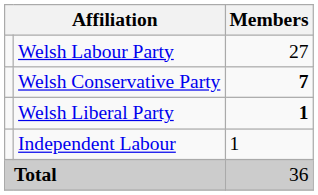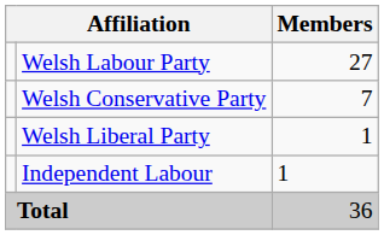 <table class="wikitable">
 <tr>
 <th colspan="2">Affiliation</th>
 <th>Members</th>
 </tr>
 <tr>
 <td style="color:inherit;background:"></td>
 <td><a href='#'>Welsh Labour Party</a></td>
 <td style="text-align:right;">27</td>
 </tr>
 <tr>
 <td style="color:inherit;background:"></td>
 <td><a href='#'>Welsh Conservative Party</a></td>
-<td style="text-align:right;"><strong>7</strong></td>
+<td style="text-align:right;">7</td>
 </tr>
 <tr>
 <td style="color:inherit;background:"></td>
 <td><a href='#'>Welsh Liberal Party</a></td>
-<td style="text-align:right;"><strong>1</strong></td>
+<td style="text-align:right;">1</td>
 </tr>
 <tr>
 <td style="color:inherit;background-color: "></td>
 <td><a href='#'>Independent Labour</a></td>
 <td>1</td>
 </tr>
 <tr style="background:#ccc;">
 <td colspan="2"> <strong>Total</strong></td>
 <td style="text-align:right;">36</td>
 </tr>
 </table>
